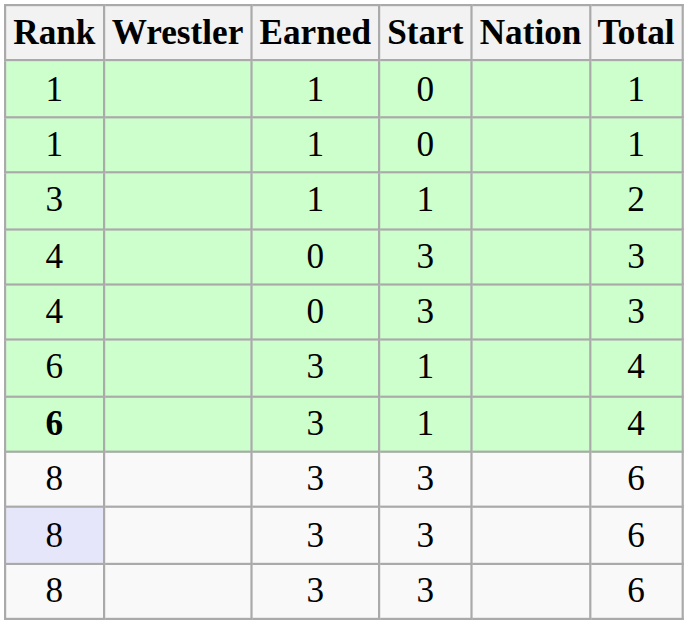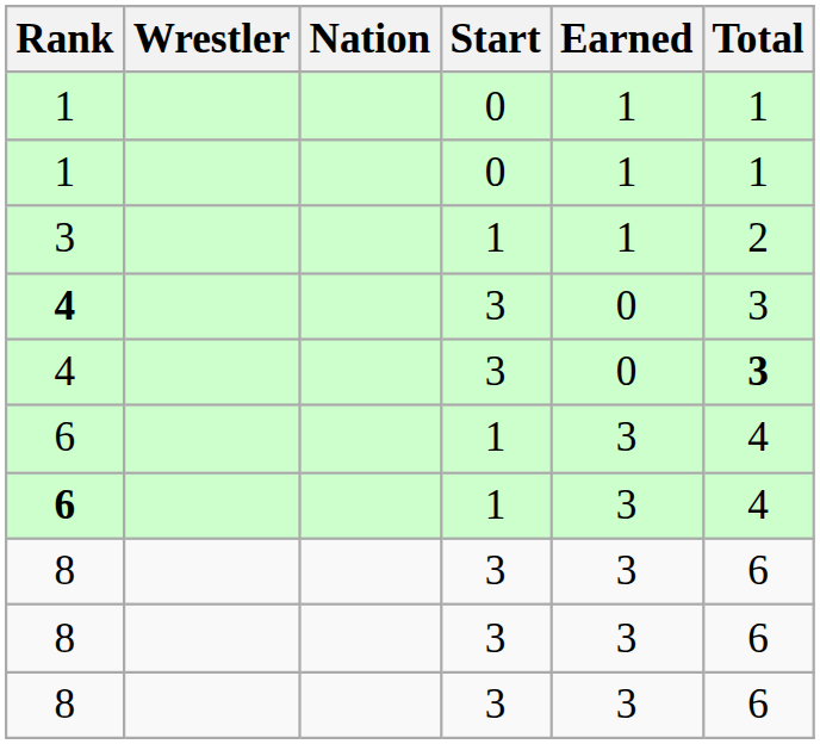 <table class="wikitable sortable" style="text-align:center;">
 <tr>
 <th>Rank</th>
 <th>Wrestler</th>
+<th>Nation</th>
+<th>Start</th>
 <th>Earned</th>
-<th>Start</th>
-<th>Nation</th>
 <th>Total</th>
 </tr>
 <tr style="background:#cfc;">
 <td>1</td>
 <td align=left></td>
+<td align=left></td>
+<td>0</td>
 <td>1</td>
-<td>0</td>
-<td align=left></td>
 <td>1</td>
 </tr>
 <tr style="background:#cfc;">
 <td>1</td>
 <td align=left></td>
+<td align=left></td>
+<td>0</td>
 <td>1</td>
-<td>0</td>
-<td align=left></td>
 <td>1</td>
 </tr>
 <tr style="background:#cfc;">
 <td>3</td>
 <td align=left></td>
+<td align=left></td>
 <td>1</td>
 <td>1</td>
-<td align=left></td>
 <td>2</td>
 </tr>
 <tr style="background:#cfc;">
-<td>4</td>
+<td><strong>4</strong></td>
 <td align=left></td>
+<td align=left></td>
+<td>3</td>
 <td>0</td>
-<td>3</td>
-<td align=left></td>
 <td>3</td>
 </tr>
 <tr style="background:#cfc;">
 <td>4</td>
 <td align=left></td>
-<td>0</td>
-<td>3</td>
 <td align=left></td>
 <td>3</td>
+<td>0</td>
+<td><strong>3</strong></td>
 </tr>
 <tr style="background:#cfc;">
 <td>6</td>
 <td align=left></td>
+<td align=left></td>
+<td>1</td>
 <td>3</td>
-<td>1</td>
-<td align=left></td>
 <td>4</td>
 </tr>
 <tr style="background:#cfc;">
 <td><strong>6</strong></td>
 <td align=left></td>
+<td align=left></td>
+<td>1</td>
 <td>3</td>
-<td>1</td>
-<td align=left></td>
 <td>4</td>
 </tr>
 <tr>
 <td>8</td>
 <td align=left></td>
-<td>3</td>
-<td>3</td>
-<td align=left></td>
-<td>6</td>
-</tr>
-<tr>
-<td style="background: lavender;">8</td>
 <td align=left></td>
 <td>3</td>
 <td>3</td>
-<td align=left></td>
 <td>6</td>
 </tr>
 <tr>
 <td>8</td>
 <td align=left></td>
+<td align=left></td>
 <td>3</td>
 <td>3</td>
+<td>6</td>
+</tr>
+<tr>
+<td>8</td>
 <td align=left></td>
+<td align=left></td>
+<td>3</td>
+<td>3</td>
 <td>6</td>
 </tr>
 </table>
